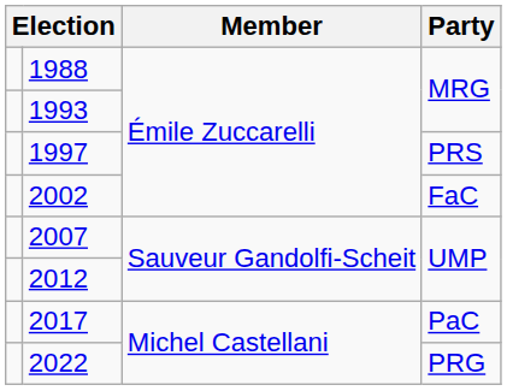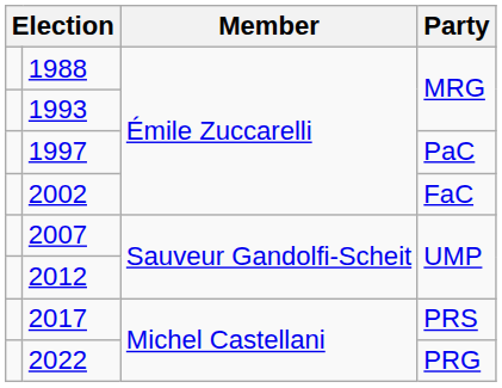 <table class="wikitable">
 <tr>
 <th colspan="2">Election</th>
 <th>Member</th>
 <th>Party</th>
 </tr>
 <tr>
 <td style="color:inherit;background-color: "></td>
 <td><a href='#'>1988</a></td>
 <td rowspan=4><a href='#'>Émile Zuccarelli</a></td>
 <td rowspan=2><a href='#'>MRG</a></td>
 </tr>
 <tr>
 <td style="color:inherit;background-color: "></td>
 <td><a href='#'>1993</a></td>
 </tr>
 <tr>
 <td style="color:inherit;background-color: "></td>
 <td><a href='#'>1997</a></td>
-<td><a href='#'>PRS</a></td>
+<td><a href='#'>PaC</a></td>
 </tr>
 <tr>
 <td style="color:inherit;background-color: "></td>
 <td><a href='#'>2002</a></td>
 <td><a href='#'>FaC</a></td>
 </tr>
 <tr>
 <td style="color:inherit;background-color: "></td>
 <td><a href='#'>2007</a></td>
 <td rowspan=2><a href='#'>Sauveur Gandolfi-Scheit</a></td>
 <td rowspan=2><a href='#'>UMP</a></td>
 </tr>
 <tr>
 <td style="color:inherit;background-color: "></td>
 <td><a href='#'>2012</a></td>
 </tr>
 <tr>
 <td style="color:inherit;background-color: "></td>
 <td><a href='#'>2017</a></td>
 <td rowspan="2"><a href='#'>Michel Castellani</a></td>
-<td><a href='#'>PaC</a></td>
+<td><a href='#'>PRS</a></td>
 </tr>
 <tr>
 <td style="color:inherit;background-color: "></td>
 <td><a href='#'>2022</a></td>
 <td><a href='#'>PRG</a></td>
 </tr>
 </table>
